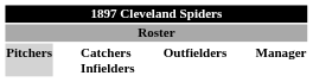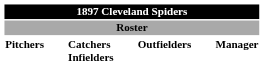 <table class="toccolours" style="font-size: 95%;">
 <tr>
 <th colspan="10" style="background-color: #000000; color: #FFFFFF; text-align: center;">1897 Cleveland Spiders</th>
 </tr>
 <tr>
 <td colspan="10" style="background-color: #A9A9A9; color: #000000; text-align: center;"><strong>Roster</strong></td>
 </tr>
 <tr>
-<td valign="top" style="background: lightgrey;"><strong>Pitchers</strong><br>       </td>
+<td valign="top"><strong>Pitchers</strong><br>       </td>
 <td width="25px"></td>
 <td valign="top"><strong>Catchers</strong><br>  <strong>Infielders</strong>    </td>
 <td width="25px"></td>
 <td valign="top"><strong>Outfielders</strong><br>         </td>
 <td width="25px"></td>
 <td valign="top"><strong>Manager</strong><br></td>
 </tr>
 </table>
